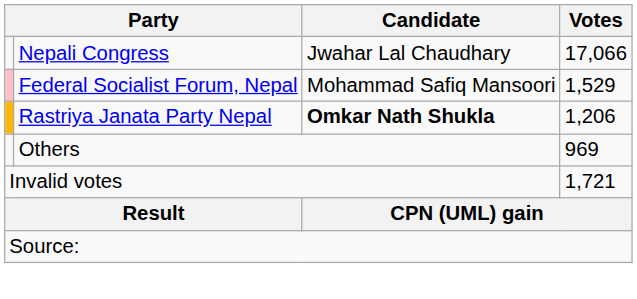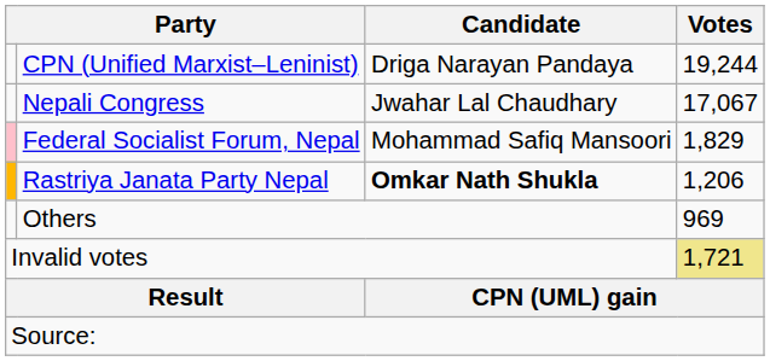 <table class="wikitable">
 <tr>
 <th colspan="2">Party</th>
 <th>Candidate</th>
 <th>Votes</th>
 </tr>
 <tr>
 <td style="background-color:"></td>
+<td><a href='#'>CPN (Unified Marxist–Leninist)</a></td>
+<td>Driga Narayan Pandaya</td>
+<td>19,244</td>
+</tr>
+<tr>
+<td style="background-color:"></td>
 <td><a href='#'>Nepali Congress</a></td>
 <td>Jwahar Lal Chaudhary</td>
-<td>17,066</td>
+<td>17,067</td>
 </tr>
 <tr>
 <td style="background-color:pink"></td>
 <td><a href='#'>Federal Socialist Forum, Nepal</a></td>
 <td>Mohammad Safiq Mansoori</td>
-<td>1,529</td>
+<td>1,829</td>
 </tr>
 <tr>
 <td style="background-color:#ffb700"></td>
 <td><a href='#'>Rastriya Janata Party Nepal</a></td>
 <td><strong>Omkar Nath Shukla</strong></td>
 <td>1,206</td>
 </tr>
 <tr>
 <td></td>
 <td colspan="2">Others</td>
 <td>969</td>
 </tr>
 <tr>
 <td colspan="3">Invalid votes</td>
-<td>1,721</td>
+<td style="background: khaki;">1,721</td>
 </tr>
 <tr>
 <th colspan="2">Result</th>
 <th colspan="2">CPN (UML) gain</th>
 </tr>
 <tr>
 <td colspan="4">Source: </td>
 </tr>
 </table>
